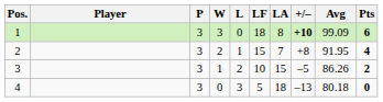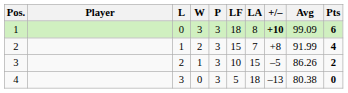 <table class="wikitable" style="text-align:center; margin: 1em auto 1em auto, align:left">
 <tr>
 <th width=20>Pos.</th>
 <th width=212>Player</th>
+<th width=20>L</th>
+<th width=20>W</th>
 <th width=20>P</th>
-<th width=20>W</th>
-<th width=20>L</th>
 <th width=20>LF</th>
 <th width=20>LA</th>
 <th width=25>+/–</th>
 <th width=50>Avg</th>
 <th width=20>Pts</th>
 </tr>
 <tr style="background:#D0F0C0;">
 <td>1</td>
 <td align=left></td>
+<td>0</td>
 <td>3</td>
 <td>3</td>
-<td>0</td>
 <td>18</td>
 <td>8</td>
 <td><strong>+10</strong></td>
 <td>99.09</td>
 <td><strong>6</strong></td>
 </tr>
 <tr style=>
 <td>2</td>
 <td align=left></td>
+<td>1</td>
+<td>2</td>
 <td>3</td>
-<td>2</td>
-<td>1</td>
 <td>15</td>
 <td>7</td>
 <td>+8</td>
-<td>91.95</td>
+<td>91.99</td>
 <td><strong>4</strong></td>
 </tr>
 <tr style=>
 <td>3</td>
 <td align=left></td>
+<td>2</td>
+<td>1</td>
 <td>3</td>
-<td>1</td>
-<td>2</td>
 <td>10</td>
 <td>15</td>
 <td>–5</td>
 <td>86.26</td>
 <td><strong>2</strong></td>
 </tr>
 <tr style=>
 <td>4</td>
 <td align=left></td>
 <td>3</td>
 <td>0</td>
 <td>3</td>
 <td>5</td>
 <td>18</td>
 <td>–13</td>
-<td>80.18</td>
+<td>80.38</td>
 <td><strong>0</strong></td>
 </tr>
 </table>
